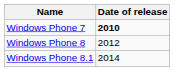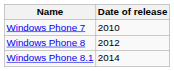 <table class="wikitable">
 <tr>
 <th>Name</th>
 <th>Date of release</th>
 </tr>
 <tr>
 <td><a href='#'>Windows Phone 7</a></td>
-<td><strong>2010</strong></td>
+<td>2010</td>
 </tr>
 <tr>
 <td><a href='#'>Windows Phone 8</a></td>
 <td>2012</td>
 </tr>
 <tr>
 <td><a href='#'>Windows Phone 8.1</a></td>
 <td>2014</td>
 </tr>
 </table>
